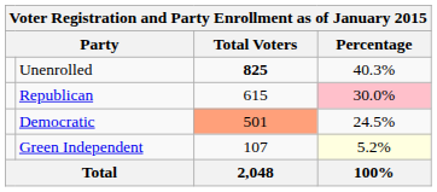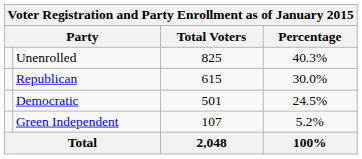 <table class=wikitable>
 <tr>
 <th colspan = 6>Voter Registration and Party Enrollment as of January 2015</th>
 </tr>
 <tr>
 <th colspan = 2>Party</th>
 <th>Total Voters</th>
 <th>Percentage</th>
 </tr>
 <tr>
 <td></td>
 <td>Unenrolled</td>
-<td align = center><strong>825</strong></td>
+<td align = center>825</td>
 <td align = center>40.3%</td>
 </tr>
 <tr>
 <td></td>
 <td><a href='#'>Republican</a></td>
 <td align = center>615</td>
-<td align = center style="background: pink;">30.0%</td>
+<td align = center>30.0%</td>
 </tr>
 <tr>
 <td></td>
 <td><a href='#'>Democratic</a></td>
-<td align = center style="background: lightsalmon;">501</td>
+<td align = center>501</td>
 <td align = center>24.5%</td>
 </tr>
 <tr>
 <td></td>
 <td><a href='#'>Green Independent</a></td>
 <td align = center>107</td>
-<td align = center style="background: lightyellow;">5.2%</td>
+<td align = center>5.2%</td>
 </tr>
 <tr>
 <th colspan = 2>Total</th>
 <th align = center>2,048</th>
 <th align = center>100%</th>
 </tr>
 </table>
